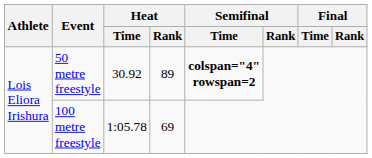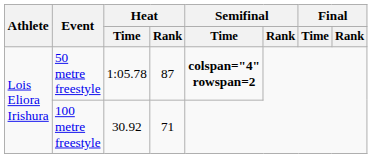 <table class="wikitable" style="text-align:center; font-size:90%; width:50%;">
 <tr>
 <th rowspan="2">Athlete</th>
 <th rowspan="2">Event</th>
 <th colspan="2">Heat</th>
 <th colspan="2">Semifinal</th>
 <th colspan="2">Final</th>
 </tr>
 <tr style="font-size:95%">
 <th>Time</th>
 <th>Rank</th>
 <th>Time</th>
 <th>Rank</th>
 <th>Time</th>
 <th>Rank</th>
 </tr>
 <tr>
 <td align=left rowspan=2><a href='#'>Lois Eliora Irishura</a></td>
 <td align=left><a href='#'>50 metre freestyle</a></td>
-<td>30.92</td>
-<td>89</td>
+<td>1:05.78</td>
+<td>87</td>
 <td><strong>colspan="4" rowspan=2</strong></td>
 </tr>
 <tr>
 <td align=left><a href='#'>100 metre freestyle</a></td>
-<td>1:05.78</td>
-<td>69</td>
+<td>30.92</td>
+<td>71</td>
 </tr>
 </table>
